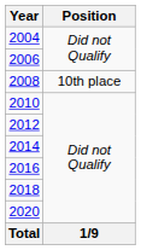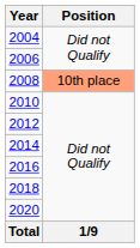 <table class="wikitable" style="text-align: center;">
 <tr>
 <th>Year</th>
 <th width="100">Position</th>
 </tr>
 <tr>
 <td> <a href='#'>2004</a></td>
 <td colspan="2" rowspan=2><em>Did not Qualify</em></td>
 </tr>
 <tr>
 <td> <a href='#'>2006</a></td>
 </tr>
 <tr>
 <td> <a href='#'>2008</a></td>
-<td>10th place</td>
+<td style="background: lightsalmon;">10th place</td>
 </tr>
 <tr>
 <td> <a href='#'>2010</a></td>
 <td colspan="2" rowspan=6><em>Did not Qualify</em></td>
 </tr>
 <tr>
 <td> <a href='#'>2012</a></td>
 </tr>
 <tr>
 <td> <a href='#'>2014</a></td>
 </tr>
 <tr>
 <td> <a href='#'>2016</a></td>
 </tr>
 <tr>
 <td> <a href='#'>2018</a></td>
 </tr>
 <tr>
 <td> <a href='#'>2020</a></td>
 </tr>
 <tr>
 <th>Total</th>
 <th>1/9</th>
 </tr>
 </table>
